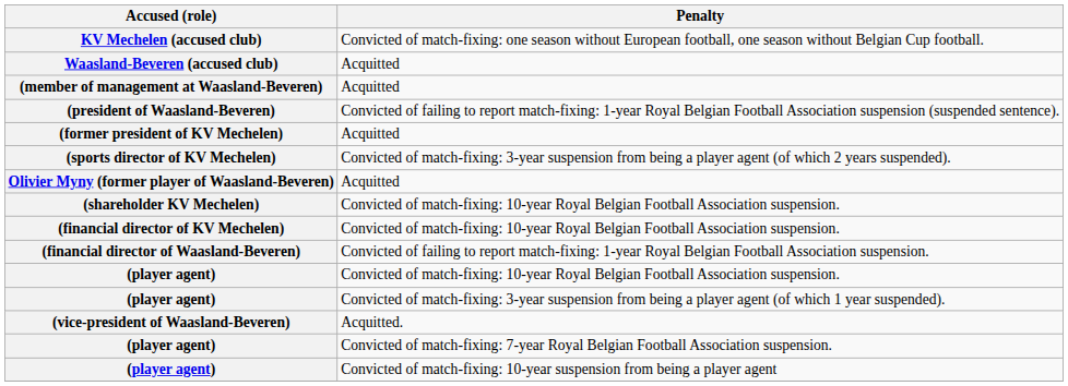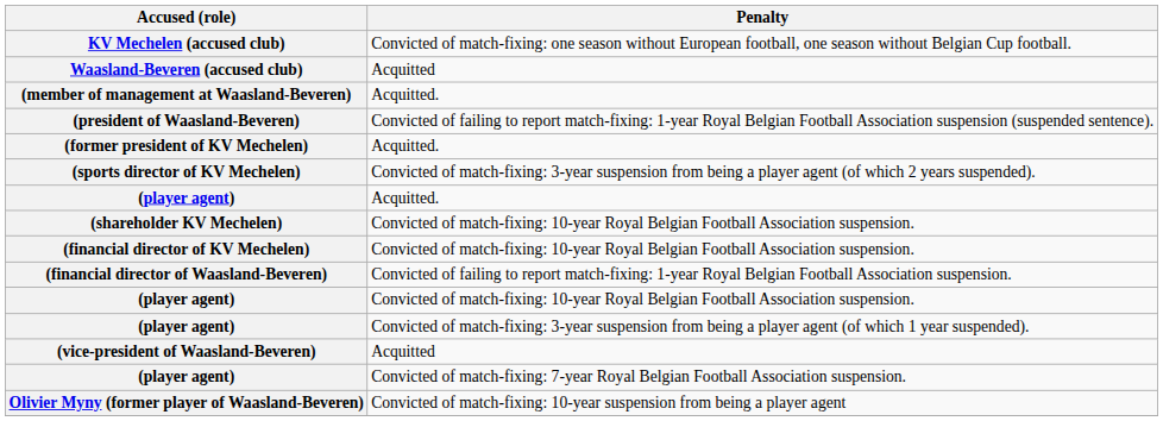 <table class="wikitable sortable plainrowheaders">
 <tr>
 <th scope="col">Accused (role)</th>
 <th scope="col">Penalty</th>
 </tr>
 <tr>
 <th scope="row"><a href='#'>KV Mechelen</a> (accused club)</th>
 <td>Convicted of match-fixing: one season without European football, one season without Belgian Cup football.</td>
 </tr>
 <tr>
 <th scope="row"><a href='#'>Waasland-Beveren</a> (accused club)</th>
 <td>Acquitted</td>
 </tr>
 <tr>
 <th scope="row"> (member of management at Waasland-Beveren)</th>
-<td>Acquitted</td>
+<td>Acquitted.</td>
 </tr>
 <tr>
 <th scope="row"> (president of Waasland-Beveren)</th>
 <td>Convicted of failing to report match-fixing: 1-year Royal Belgian Football Association suspension (suspended sentence).</td>
 </tr>
 <tr>
 <th scope="row"> (former president of KV Mechelen)</th>
-<td>Acquitted</td>
+<td>Acquitted.</td>
 </tr>
 <tr>
 <th scope="row"> (sports director of KV Mechelen)</th>
 <td>Convicted of match-fixing: 3-year suspension from being a player agent (of which 2 years suspended).</td>
 </tr>
 <tr>
-<th scope="row"><a href='#'>Olivier Myny</a> (former player of Waasland-Beveren)</th>
-<td>Acquitted</td>
+<th scope="row"> (<a href='#'>player agent</a>)</th>
+<td>Acquitted.</td>
 </tr>
 <tr>
 <th scope="row"> (shareholder KV Mechelen)</th>
 <td>Convicted of match-fixing: 10-year Royal Belgian Football Association suspension.</td>
 </tr>
 <tr>
 <th scope="row"> (financial director of KV Mechelen)</th>
 <td>Convicted of match-fixing: 10-year Royal Belgian Football Association suspension.</td>
 </tr>
 <tr>
 <th scope="row"> (financial director of Waasland-Beveren)</th>
 <td>Convicted of failing to report match-fixing: 1-year Royal Belgian Football Association suspension.</td>
 </tr>
 <tr>
 <th scope="row"> (player agent)</th>
 <td>Convicted of match-fixing: 10-year Royal Belgian Football Association suspension.</td>
 </tr>
 <tr>
 <th scope="row"> (player agent)</th>
 <td>Convicted of match-fixing: 3-year suspension from being a player agent (of which 1 year suspended).</td>
 </tr>
 <tr>
 <th scope="row"> (vice-president of Waasland-Beveren)</th>
-<td>Acquitted.</td>
+<td>Acquitted</td>
 </tr>
 <tr>
 <th scope="row"> (player agent)</th>
 <td>Convicted of match-fixing: 7-year Royal Belgian Football Association suspension.</td>
 </tr>
 <tr>
-<th scope="row"> (<a href='#'>player agent</a>)</th>
+<th scope="row"><a href='#'>Olivier Myny</a> (former player of Waasland-Beveren)</th>
 <td>Convicted of match-fixing: 10-year suspension from being a player agent</td>
 </tr>
 <tr>
 </tr>
 </table>
